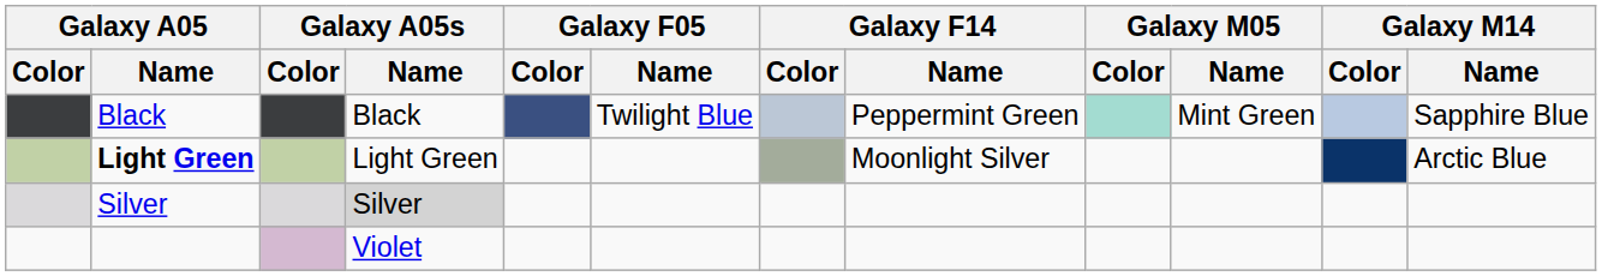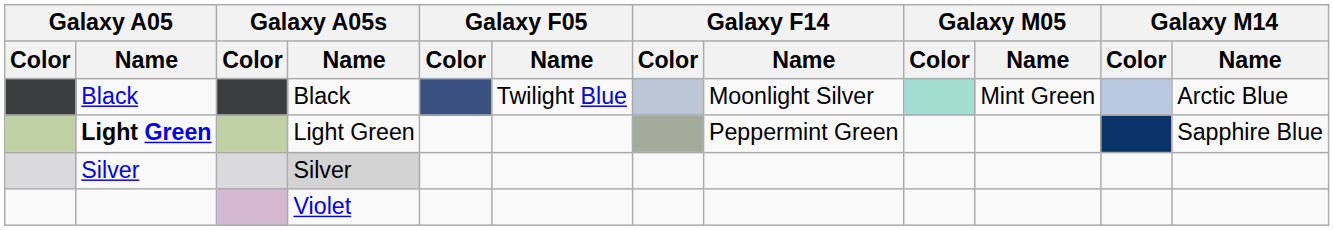 <table class="wikitable mw-collapsible">
 <tr>
 <th colspan="2">Galaxy A05</th>
 <th colspan="2">Galaxy A05s</th>
 <th colspan="2">Galaxy F05</th>
 <th colspan="2">Galaxy F14</th>
 <th colspan="2">Galaxy M05</th>
 <th colspan="2">Galaxy M14</th>
 </tr>
 <tr>
 <th>Color</th>
 <th>Name</th>
 <th>Color</th>
 <th>Name</th>
 <th>Color</th>
 <th>Name</th>
 <th>Color</th>
 <th>Name</th>
 <th>Color</th>
 <th>Name</th>
 <th>Color</th>
 <th>Name</th>
 </tr>
 <tr>
 <td bgcolor="3b3d3f"></td>
 <td><a href='#'>Black</a></td>
 <td bgcolor="3b3d3f"></td>
 <td>Black</td>
 <td bgcolor="3a5081"></td>
 <td>Twilight <a href='#'>Blue</a></td>
 <td bgcolor="bbc7d6"></td>
-<td>Peppermint Green</td>
+<td>Moonlight Silver</td>
 <td bgcolor="a3dcd1"></td>
 <td>Mint Green</td>
 <td bgcolor="b8c9e1"></td>
-<td>Sapphire Blue</td>
+<td>Arctic Blue</td>
 </tr>
 <tr>
 <td bgcolor="c1d1a6"></td>
 <td><strong>Light <a href='#'>Green</a></strong></td>
 <td bgcolor="c1d1a6"></td>
 <td>Light Green</td>
 <td></td>
 <td></td>
 <td bgcolor="a3ac9b"></td>
-<td>Moonlight Silver</td>
+<td>Peppermint Green</td>
 <td></td>
 <td></td>
 <td bgcolor="0a3369"></td>
-<td>Arctic Blue</td>
+<td>Sapphire Blue</td>
 </tr>
 <tr>
 <td bgcolor="dad9db"></td>
 <td><a href='#'>Silver</a></td>
 <td bgcolor="dad9db"></td>
 <td style="background: lightgrey;">Silver</td>
 <td></td>
 <td></td>
 <td></td>
 <td></td>
 <td></td>
 <td></td>
 <td></td>
 <td></td>
 </tr>
 <tr>
 <td></td>
 <td></td>
 <td bgcolor="d4b9d1"></td>
 <td><a href='#'>Violet</a></td>
 <td></td>
 <td></td>
 <td></td>
 <td></td>
 <td></td>
 <td></td>
 <td></td>
 <td></td>
 </tr>
 </table>
